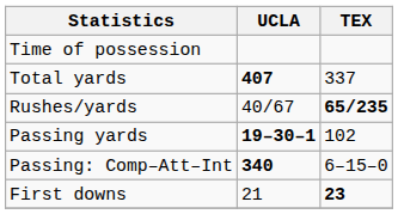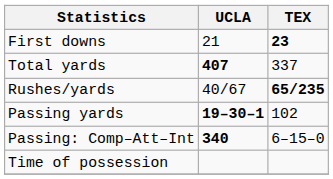 <table class="wikitable" style="float: left;">
 <tr>
 <th>Statistics</th>
 <th>UCLA</th>
 <th>TEX</th>
 </tr>
 <tr>
-<td>Time of possession</td>
-<td></td>
-<td></td>
+<td>First downs</td>
+<td>21</td>
+<td><strong>23</strong></td>
 </tr>
 <tr>
 <td>Total yards</td>
 <td><strong>407</strong></td>
 <td>337</td>
 </tr>
 <tr>
 <td>Rushes/yards</td>
 <td>40/67</td>
 <td><strong>65/235</strong></td>
 </tr>
 <tr>
 <td>Passing yards</td>
 <td><strong>19–30–1</strong></td>
 <td>102</td>
 </tr>
 <tr>
 <td>Passing: Comp–Att–Int</td>
 <td><strong>340</strong></td>
 <td>6–15–0</td>
 </tr>
 <tr>
-<td>First downs</td>
-<td>21</td>
-<td><strong>23</strong></td>
+<td>Time of possession</td>
+<td></td>
+<td></td>
 </tr>
 <tr>
 </tr>
 </table>
